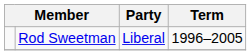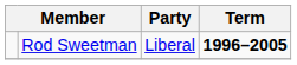 <table class="wikitable">
 <tr>
 <th colspan="2">Member</th>
 <th>Party</th>
 <th>Term</th>
 </tr>
 <tr>
 <td> </td>
 <td><a href='#'>Rod Sweetman</a></td>
 <td><a href='#'>Liberal</a></td>
-<td>1996–2005</td>
+<td><strong>1996–2005</strong></td>
 </tr>
 <tr>
 </tr>
 </table>
